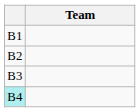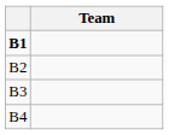 <table class="wikitable" style="display:inline-table;">
 <tr>
 <th></th>
 <th width=130>Team</th>
 </tr>
 <tr>
-<td align=center>B1</td>
+<td align=center><strong>B1</strong></td>
 <td></td>
 </tr>
 <tr>
 <td align=center>B2</td>
 <td></td>
 </tr>
 <tr>
 <td align=center>B3</td>
 <td></td>
 </tr>
 <tr>
-<td align=center style="background: paleturquoise;">B4</td>
+<td align=center>B4</td>
 <td></td>
 </tr>
 </table>
